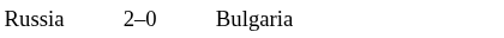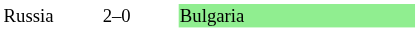 <table style="text-align:center">
 <tr>
 <th width=200></th>
 <th width=100></th>
 <th width=200></th>
 </tr>
 <tr>
 <td align=right>Russia</td>
 <td>2–0</td>
-<td align=left>Bulgaria</td>
+<td align=left style="background: lightgreen;">Bulgaria</td>
 </tr>
 <tr>
 </tr>
 </table>
